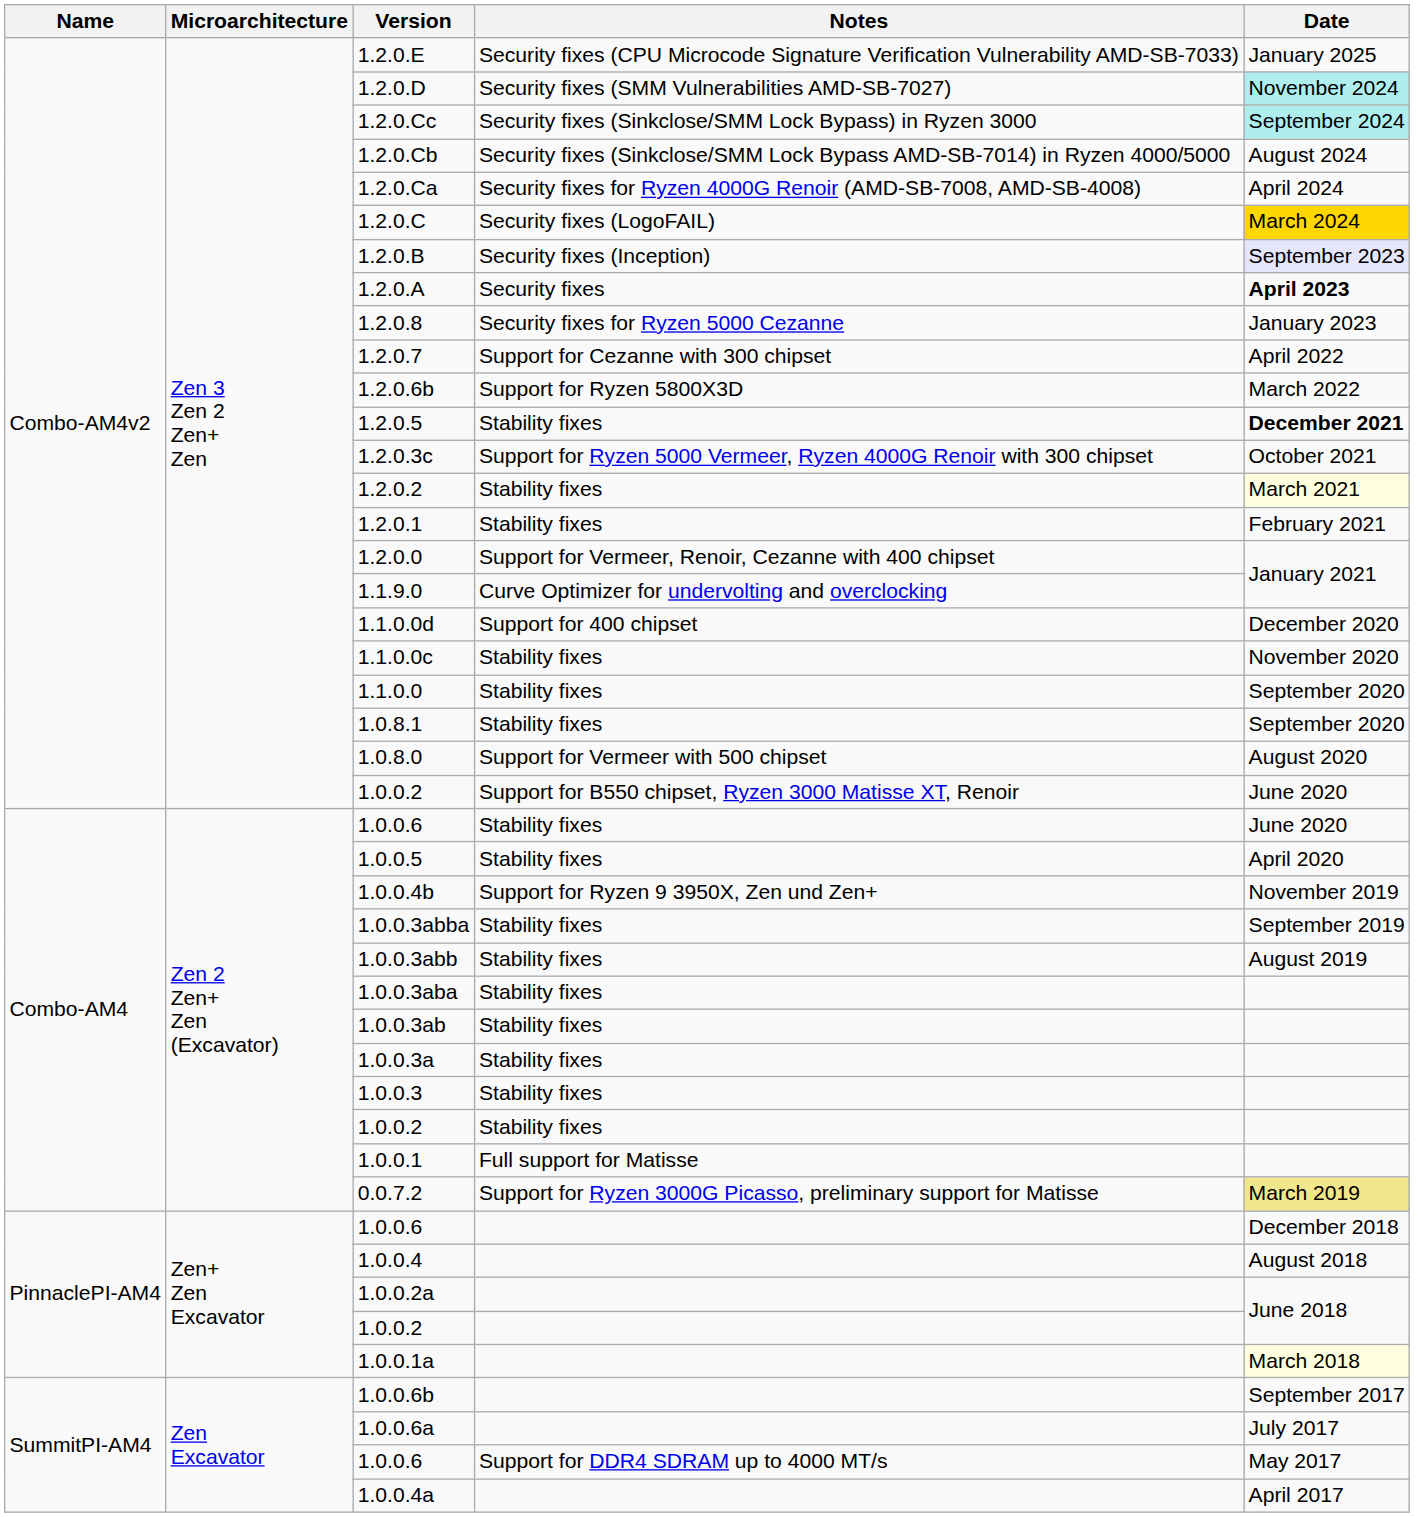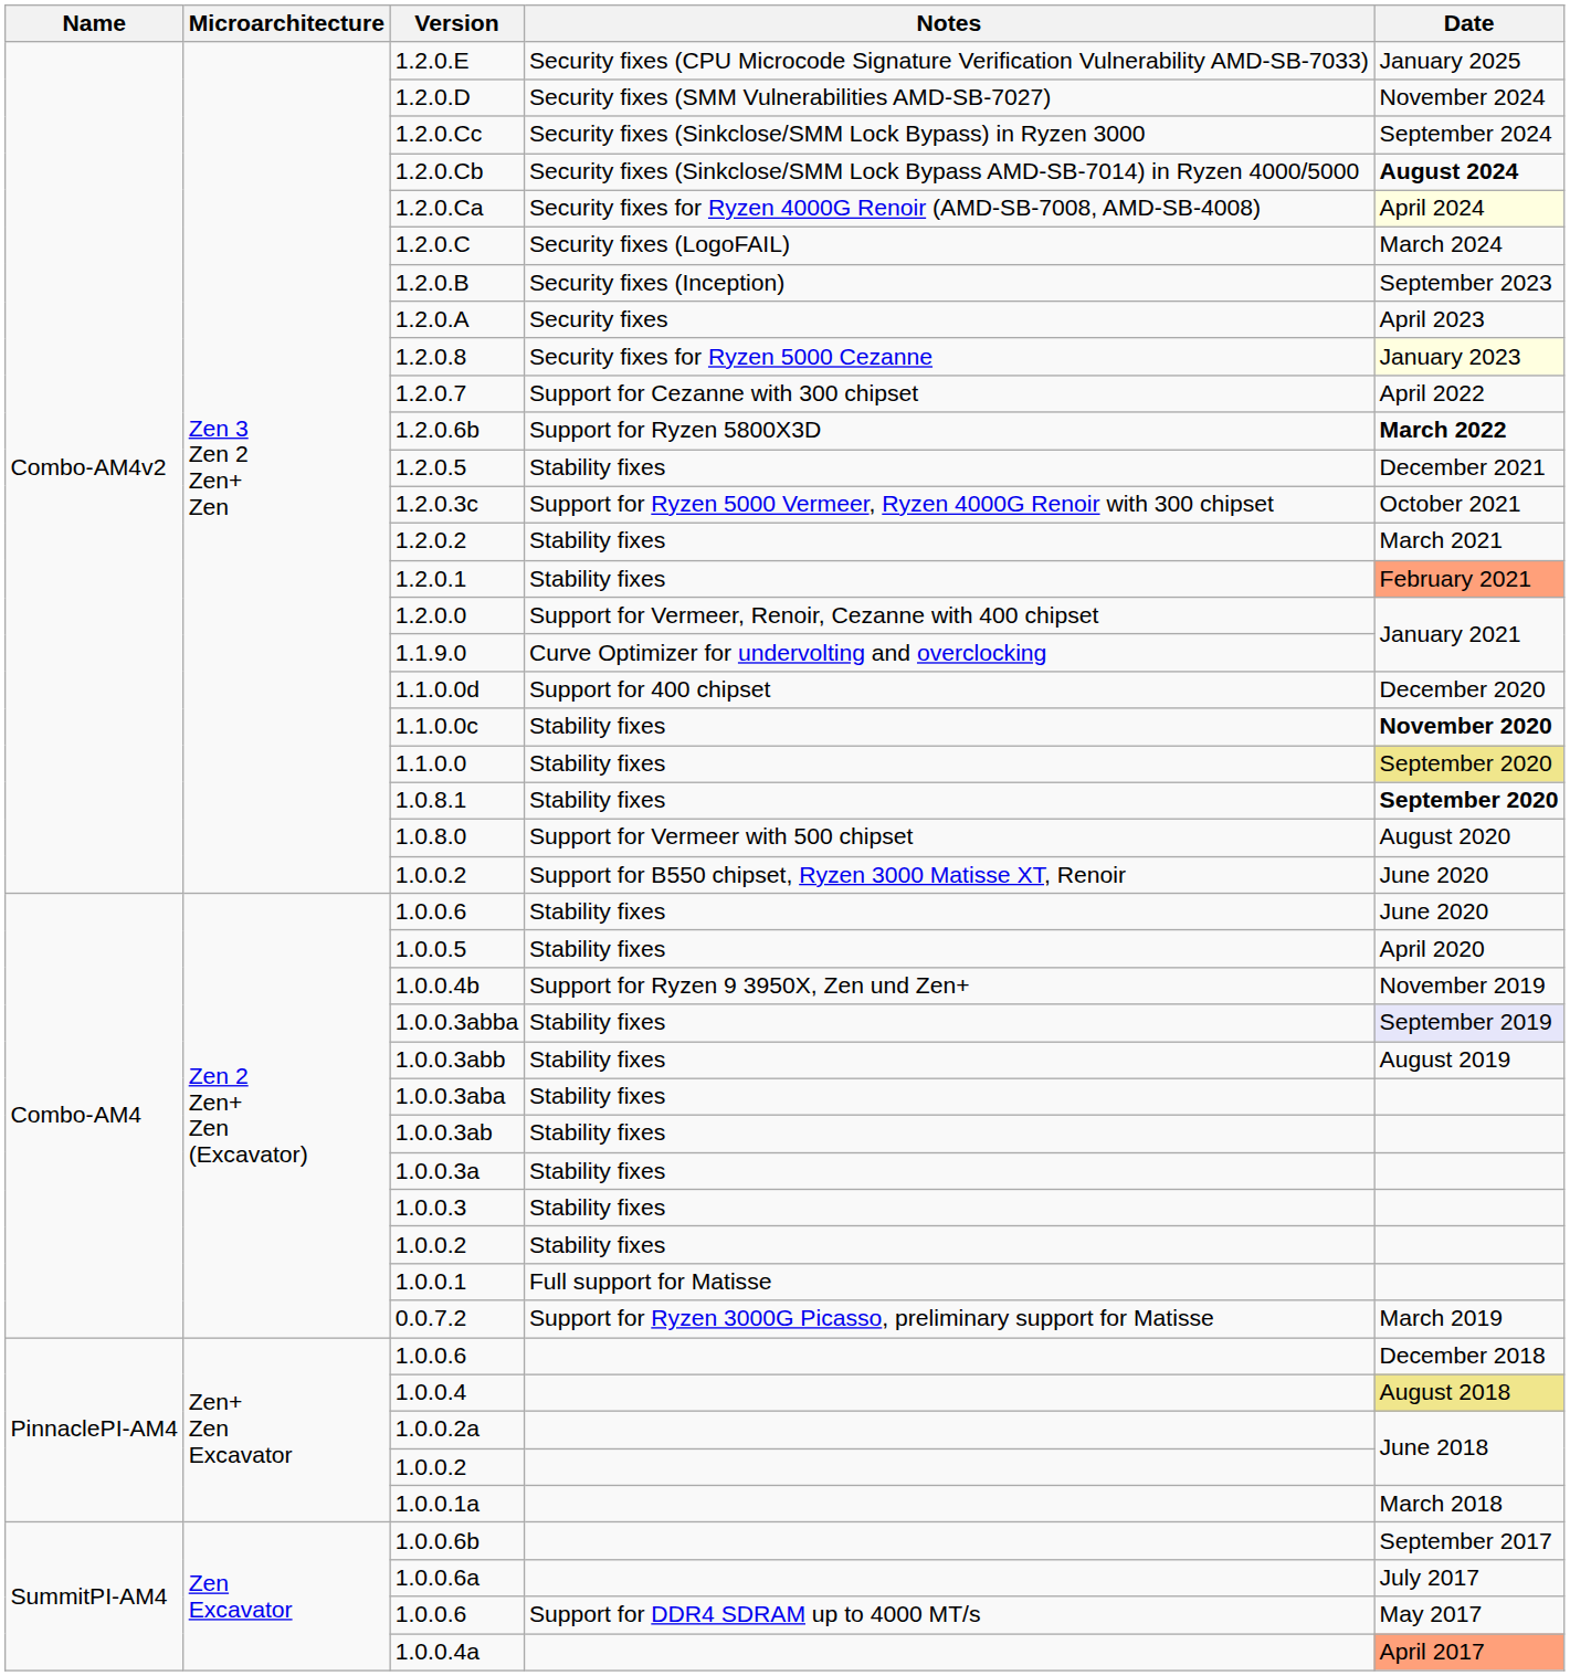 <table class="wikitable">
 <tr>
 <th>Name</th>
 <th>Microarchitecture</th>
 <th>Version</th>
 <th>Notes</th>
 <th>Date</th>
 </tr>
 <tr>
 <td rowspan="23">Combo-AM4v2</td>
 <td rowspan="23"><a href='#'>Zen 3</a><br>Zen 2<br>Zen+<br>Zen</td>
 <td>1.2.0.E</td>
 <td>Security fixes (CPU Microcode Signature Verification Vulnerability AMD-SB-7033)</td>
 <td>January 2025</td>
 </tr>
 <tr>
 <td>1.2.0.D</td>
 <td>Security fixes (SMM Vulnerabilities AMD-SB-7027)</td>
-<td style="background: paleturquoise;">November 2024</td>
+<td>November 2024</td>
 </tr>
 <tr>
 <td>1.2.0.Cc</td>
 <td>Security fixes (Sinkclose/SMM Lock Bypass) in Ryzen 3000</td>
-<td style="background: paleturquoise;">September 2024</td>
+<td>September 2024</td>
 </tr>
 <tr>
 <td>1.2.0.Cb</td>
 <td>Security fixes (Sinkclose/SMM Lock Bypass AMD-SB-7014) in Ryzen 4000/5000</td>
-<td>August 2024</td>
+<td><strong>August 2024</strong></td>
 </tr>
 <tr>
 <td>1.2.0.Ca</td>
 <td>Security fixes for <a href='#'>Ryzen 4000G Renoir</a> (AMD-SB-7008, AMD-SB-4008)</td>
-<td>April 2024</td>
+<td style="background: lightyellow;">April 2024</td>
 </tr>
 <tr>
 <td>1.2.0.C</td>
 <td>Security fixes (LogoFAIL)</td>
-<td style="background: gold;">March 2024</td>
+<td>March 2024</td>
 </tr>
 <tr>
 <td>1.2.0.B</td>
 <td>Security fixes (Inception)</td>
-<td style="background: lavender;">September 2023</td>
+<td>September 2023</td>
 </tr>
 <tr>
 <td>1.2.0.A</td>
 <td>Security fixes</td>
-<td><strong>April 2023</strong></td>
+<td>April 2023</td>
 </tr>
 <tr>
 <td>1.2.0.8</td>
 <td>Security fixes for <a href='#'>Ryzen 5000 Cezanne</a></td>
-<td>January 2023</td>
+<td style="background: lightyellow;">January 2023</td>
 </tr>
 <tr>
 <td>1.2.0.7</td>
 <td>Support for Cezanne with 300 chipset</td>
 <td>April 2022</td>
 </tr>
 <tr>
 <td>1.2.0.6b</td>
 <td>Support for Ryzen 5800X3D</td>
-<td>March 2022</td>
+<td><strong>March 2022</strong></td>
 </tr>
 <tr>
 <td>1.2.0.5</td>
 <td>Stability fixes</td>
-<td><strong>December 2021</strong></td>
+<td>December 2021</td>
 </tr>
 <tr>
 <td>1.2.0.3c</td>
 <td>Support for <a href='#'>Ryzen 5000 Vermeer</a>, <a href='#'>Ryzen 4000G Renoir</a> with 300 chipset</td>
 <td>October 2021</td>
 </tr>
 <tr>
 <td>1.2.0.2</td>
 <td>Stability fixes</td>
-<td style="background: lightyellow;">March 2021</td>
+<td>March 2021</td>
 </tr>
 <tr>
 <td>1.2.0.1</td>
 <td>Stability fixes</td>
-<td>February 2021</td>
+<td style="background: lightsalmon;">February 2021</td>
 </tr>
 <tr>
 <td>1.2.0.0</td>
 <td>Support for Vermeer, Renoir, Cezanne with 400 chipset</td>
 <td rowspan="2">January 2021</td>
 </tr>
 <tr>
 <td>1.1.9.0</td>
 <td>Curve Optimizer for <a href='#'>undervolting</a> and <a href='#'>overclocking</a></td>
 </tr>
 <tr>
 <td>1.1.0.0d</td>
 <td>Support for 400 chipset</td>
 <td>December 2020</td>
 </tr>
 <tr>
 <td>1.1.0.0c</td>
 <td>Stability fixes</td>
-<td>November 2020</td>
+<td><strong>November 2020</strong></td>
 </tr>
 <tr>
 <td>1.1.0.0</td>
 <td>Stability fixes</td>
-<td>September 2020</td>
+<td style="background: khaki;">September 2020</td>
 </tr>
 <tr>
 <td>1.0.8.1</td>
 <td>Stability fixes</td>
-<td>September 2020</td>
+<td><strong>September 2020</strong></td>
 </tr>
 <tr>
 <td>1.0.8.0</td>
 <td>Support for Vermeer with 500 chipset</td>
 <td>August 2020</td>
 </tr>
 <tr>
 <td>1.0.0.2</td>
 <td>Support for B550 chipset, <a href='#'>Ryzen 3000 Matisse XT</a>, Renoir</td>
 <td>June 2020</td>
 </tr>
 <tr>
 <td rowspan="12">Combo-AM4</td>
 <td rowspan="12"><a href='#'>Zen 2</a><br>Zen+<br>Zen<br>(Excavator)</td>
 <td>1.0.0.6</td>
 <td>Stability fixes</td>
 <td>June 2020</td>
 </tr>
 <tr>
 <td>1.0.0.5</td>
 <td>Stability fixes</td>
 <td>April 2020</td>
 </tr>
 <tr>
 <td>1.0.0.4b</td>
 <td>Support for Ryzen 9 3950X, Zen und Zen+</td>
 <td>November 2019</td>
 </tr>
 <tr>
 <td>1.0.0.3abba</td>
 <td>Stability fixes</td>
-<td>September 2019</td>
+<td style="background: lavender;">September 2019</td>
 </tr>
 <tr>
 <td>1.0.0.3abb</td>
 <td>Stability fixes</td>
 <td>August 2019</td>
 </tr>
 <tr>
 <td>1.0.0.3aba</td>
 <td>Stability fixes</td>
 <td></td>
 </tr>
 <tr>
 <td>1.0.0.3ab</td>
 <td>Stability fixes</td>
 <td></td>
 </tr>
 <tr>
 <td>1.0.0.3a</td>
 <td>Stability fixes</td>
 <td></td>
 </tr>
 <tr>
 <td>1.0.0.3</td>
 <td>Stability fixes</td>
 <td></td>
 </tr>
 <tr>
 <td>1.0.0.2</td>
 <td>Stability fixes</td>
 <td></td>
 </tr>
 <tr>
 <td>1.0.0.1</td>
 <td>Full support for Matisse</td>
 <td></td>
 </tr>
 <tr>
 <td>0.0.7.2</td>
 <td>Support for <a href='#'>Ryzen 3000G Picasso</a>, preliminary support for Matisse</td>
-<td style="background: khaki;">March 2019</td>
+<td>March 2019</td>
 </tr>
 <tr>
 <td rowspan="5">PinnaclePI-AM4</td>
 <td rowspan="5">Zen+<br>Zen<br>Excavator</td>
 <td>1.0.0.6</td>
 <td></td>
 <td>December 2018</td>
 </tr>
 <tr>
 <td>1.0.0.4</td>
 <td></td>
-<td>August 2018</td>
+<td style="background: khaki;">August 2018</td>
 </tr>
 <tr>
 <td>1.0.0.2a</td>
 <td></td>
 <td rowspan="2">June 2018</td>
 </tr>
 <tr>
 <td>1.0.0.2</td>
 <td></td>
 </tr>
 <tr>
 <td>1.0.0.1a</td>
 <td></td>
-<td style="background: lightyellow;">March 2018</td>
+<td>March 2018</td>
 </tr>
 <tr>
 <td rowspan="4">SummitPI-AM4</td>
 <td rowspan="4"><a href='#'>Zen</a><br><a href='#'>Excavator</a></td>
 <td>1.0.0.6b</td>
 <td></td>
 <td>September 2017</td>
 </tr>
 <tr>
 <td>1.0.0.6a</td>
 <td></td>
 <td>July 2017</td>
 </tr>
 <tr>
 <td>1.0.0.6</td>
 <td>Support for <a href='#'>DDR4 SDRAM</a> up to 4000 MT/s</td>
 <td>May 2017</td>
 </tr>
 <tr>
 <td>1.0.0.4a</td>
 <td></td>
-<td>April 2017</td>
+<td style="background: lightsalmon;">April 2017</td>
 </tr>
 </table>
